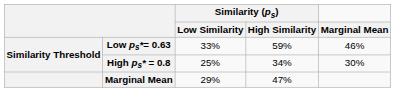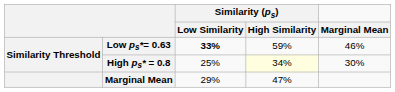 <table class="wikitable" style="text-align: center">
 <tr>
 <th colspan="2" rowspan="2"></th>
 <th colspan="2">Similarity (<em>p<sub>s</sub></em>)</th>
 </tr>
 <tr>
 <th>Low Similarity</th>
 <th>High Similarity</th>
 <th>Marginal Mean</th>
 </tr>
 <tr>
 <th rowspan="2">Similarity Threshold</th>
 <th>Low <em>p<sub>s</sub>*</em>= 0.63</th>
-<td>33%</td>
+<td><strong>33%</strong></td>
 <td>59%</td>
 <td>46%</td>
 </tr>
 <tr>
 <th>High <em>p<sub>s</sub>*</em> = 0.8</th>
 <td>25%</td>
-<td>34%</td>
+<td style="background: lightyellow;">34%</td>
 <td>30%</td>
 </tr>
 <tr>
 <th></th>
 <th>Marginal Mean</th>
 <td>29%</td>
 <td>47%</td>
 <td></td>
 </tr>
 </table>
